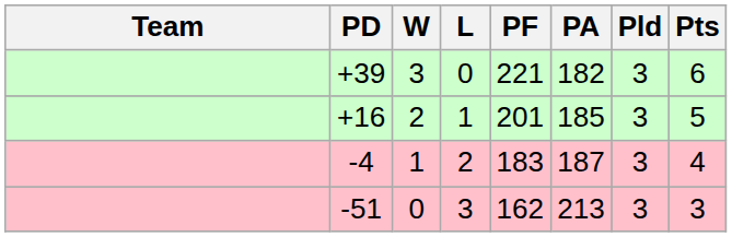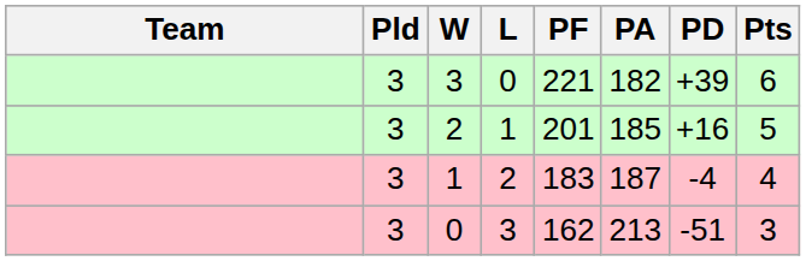 <table class="wikitable" style="text-align:center;">
 <tr>
 <th width=175>Team</th>
-<th width=25  abbr="Points Difference">PD</th>
+<th width=20  abbr="Played">Pld</th>
 <th width=20  abbr="Won">W</th>
 <th width=20  abbr="Lost">L</th>
 <th width=20  abbr="Points">PF</th>
 <th width=20  abbr="Points Against">PA</th>
-<th width=20  abbr="Played">Pld</th>
+<th width=25  abbr="Points Difference">PD</th>
 <th width=20  abbr="Points">Pts</th>
 </tr>
 <tr bgcolor="ccffcc">
 <td style="text-align:left"></td>
-<td>+39</td>
+<td>3</td>
 <td>3</td>
 <td>0</td>
 <td>221</td>
 <td>182</td>
-<td>3</td>
+<td>+39</td>
 <td>6</td>
 </tr>
 <tr bgcolor="ccffcc">
 <td style="text-align:left"></td>
-<td>+16</td>
+<td>3</td>
 <td>2</td>
 <td>1</td>
 <td>201</td>
 <td>185</td>
-<td>3</td>
+<td>+16</td>
 <td>5</td>
 </tr>
 <tr bgcolor="pink">
 <td style="text-align:left"></td>
-<td>-4</td>
+<td>3</td>
 <td>1</td>
 <td>2</td>
 <td>183</td>
 <td>187</td>
-<td>3</td>
+<td>-4</td>
 <td>4</td>
 </tr>
 <tr bgcolor="pink">
 <td style="text-align:left"></td>
-<td>-51</td>
+<td>3</td>
 <td>0</td>
 <td>3</td>
 <td>162</td>
 <td>213</td>
-<td>3</td>
+<td>-51</td>
 <td>3</td>
 </tr>
 </table>
